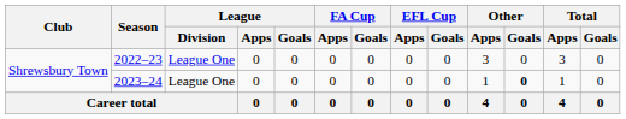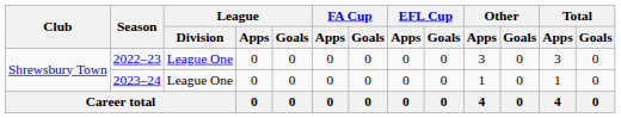 <table class="wikitable" style="text-align:center">
 <tr>
 <th rowspan="2">Club</th>
 <th rowspan="2">Season</th>
 <th colspan="3">League</th>
 <th colspan="2"><a href='#'>FA Cup</a></th>
 <th colspan="2"><a href='#'>EFL Cup</a></th>
 <th colspan="2">Other</th>
 <th colspan="2">Total</th>
 </tr>
 <tr>
 <th>Division</th>
 <th>Apps</th>
 <th>Goals</th>
 <th>Apps</th>
 <th>Goals</th>
 <th>Apps</th>
 <th>Goals</th>
 <th>Apps</th>
 <th>Goals</th>
 <th>Apps</th>
 <th>Goals</th>
 </tr>
 <tr>
 <td rowspan="2"><a href='#'>Shrewsbury Town</a></td>
 <td><a href='#'>2022–23</a></td>
 <td><a href='#'>League One</a></td>
 <td>0</td>
 <td>0</td>
 <td>0</td>
 <td>0</td>
 <td>0</td>
 <td>0</td>
 <td>3</td>
 <td>0</td>
 <td>3</td>
 <td>0</td>
 </tr>
 <tr>
 <td><a href='#'>2023–24</a></td>
 <td>League One</td>
 <td>0</td>
 <td>0</td>
 <td>0</td>
 <td>0</td>
 <td>0</td>
 <td>0</td>
 <td>1</td>
-<td><strong>0</strong></td>
+<td>0</td>
 <td>1</td>
 <td>0</td>
 </tr>
 <tr>
 <th colspan="3">Career total</th>
 <th>0</th>
 <th>0</th>
 <th>0</th>
 <th>0</th>
 <th>0</th>
 <th>0</th>
 <th>4</th>
 <th>0</th>
 <th>4</th>
 <th>0</th>
 </tr>
 </table>
